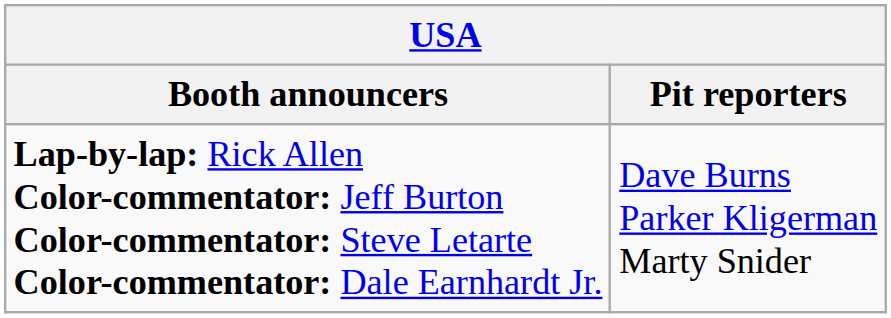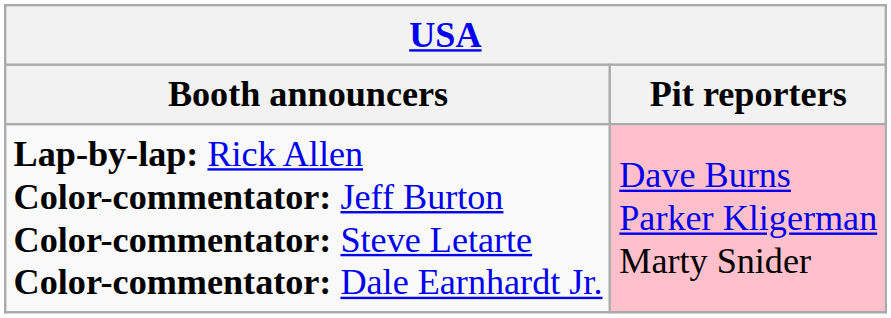 <table class="wikitable" style="font-size: 95%;">
 <tr>
 <th colspan="3"><a href='#'>USA</a></th>
 </tr>
 <tr>
 <th>Booth announcers</th>
 <th>Pit reporters</th>
 </tr>
 <tr>
 <td><strong>Lap-by-lap:</strong> <a href='#'>Rick Allen</a><br><strong>Color-commentator:</strong> <a href='#'>Jeff Burton</a><br><strong>Color-commentator:</strong> <a href='#'>Steve Letarte</a><br><strong>Color-commentator:</strong> <a href='#'>Dale Earnhardt Jr.</a></td>
-<td><a href='#'>Dave Burns</a><br><a href='#'>Parker Kligerman</a><br>Marty Snider</td>
+<td style="background: pink;"><a href='#'>Dave Burns</a><br><a href='#'>Parker Kligerman</a><br>Marty Snider</td>
 </tr>
 </table>
